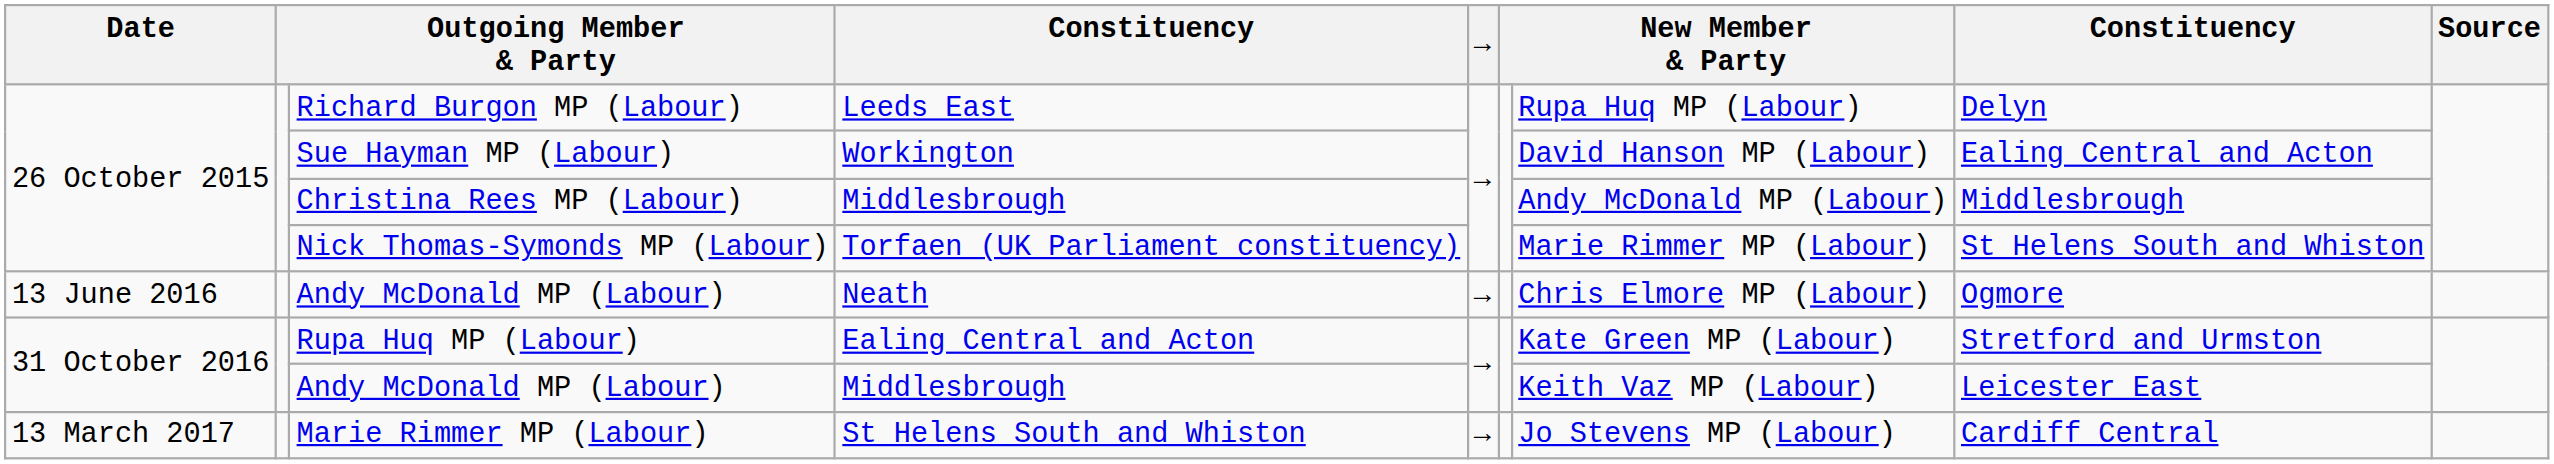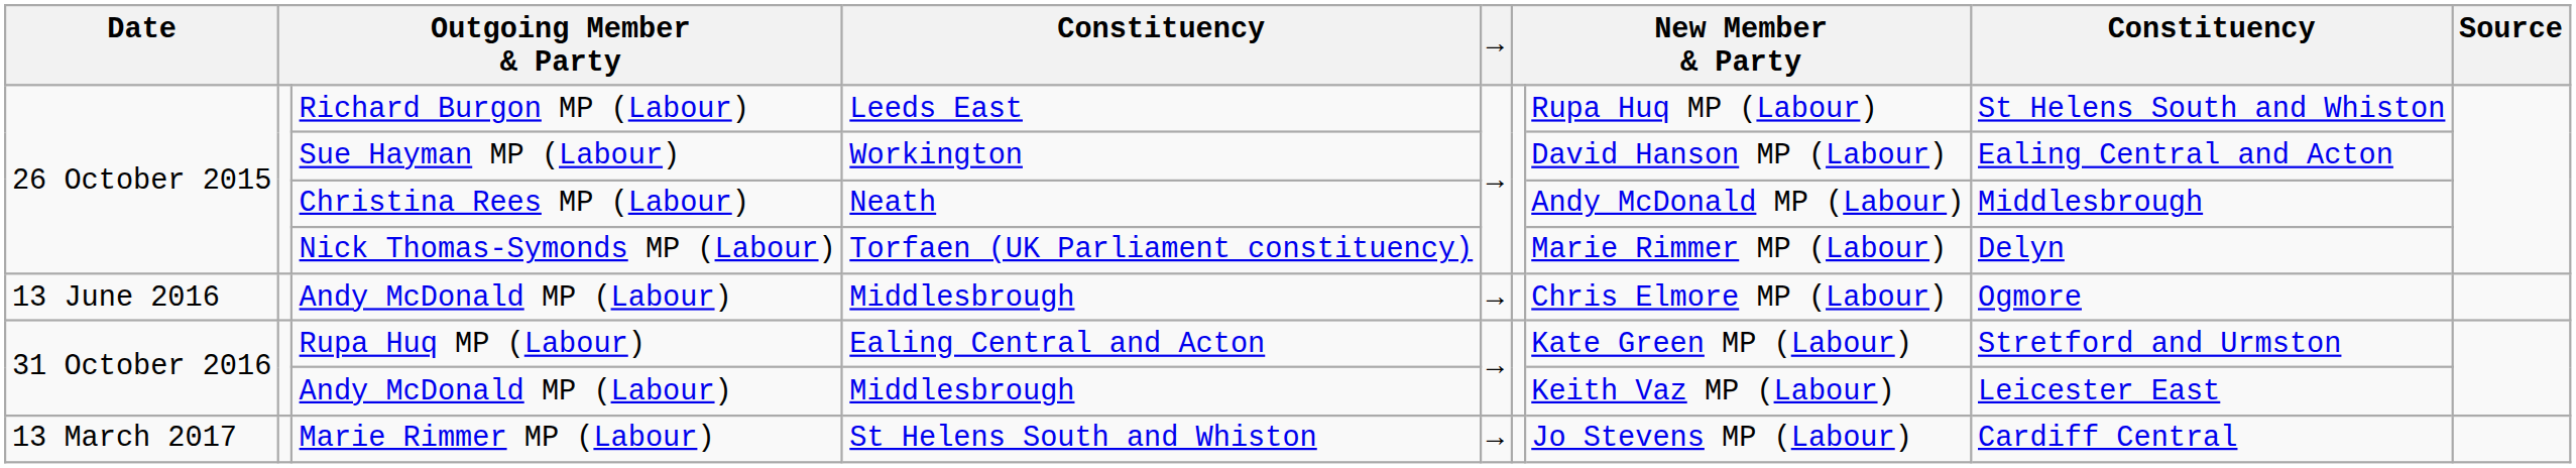 <table class="wikitable">
 <tr>
 <th valign="top">Date</th>
 <th colspan="2" valign="top">Outgoing Member<br>& Party</th>
 <th valign="top">Constituency</th>
 <th>→</th>
 <th colspan="2" valign="top">New Member<br>& Party</th>
 <th valign="top">Constituency</th>
 <th valign="top">Source</th>
 </tr>
 <tr>
 <td rowspan="4">26 October 2015</td>
 <td rowspan=4 style="color:inherit;background:"></td>
 <td><a href='#'>Richard Burgon</a> MP (<a href='#'>Labour</a>)</td>
 <td><a href='#'>Leeds East</a></td>
 <td rowspan=4>→</td>
 <td rowspan=4 style="color:inherit;background:"></td>
 <td><a href='#'>Rupa Huq</a> MP (<a href='#'>Labour</a>)</td>
-<td><a href='#'>Delyn</a></td>
+<td><a href='#'>St Helens South and Whiston</a></td>
 <td rowspan=4></td>
 </tr>
 <tr>
 <td><a href='#'>Sue Hayman</a> MP (<a href='#'>Labour</a>)</td>
 <td><a href='#'>Workington</a></td>
 <td><a href='#'>David Hanson</a> MP (<a href='#'>Labour</a>)</td>
 <td><a href='#'>Ealing Central and Acton</a></td>
 </tr>
 <tr>
 <td><a href='#'>Christina Rees</a> MP (<a href='#'>Labour</a>)</td>
-<td><a href='#'>Middlesbrough</a></td>
+<td><a href='#'>Neath</a></td>
 <td><a href='#'>Andy McDonald</a> MP (<a href='#'>Labour</a>)</td>
 <td><a href='#'>Middlesbrough</a></td>
 </tr>
 <tr>
 <td><a href='#'>Nick Thomas-Symonds</a> MP (<a href='#'>Labour</a>)</td>
 <td><a href='#'>Torfaen (UK Parliament constituency)</a></td>
 <td><a href='#'>Marie Rimmer</a> MP (<a href='#'>Labour</a>)</td>
-<td><a href='#'>St Helens South and Whiston</a></td>
+<td><a href='#'>Delyn</a></td>
 </tr>
 <tr>
 <td>13 June 2016</td>
 <td style="color:inherit;background:"></td>
 <td><a href='#'>Andy McDonald</a> MP (<a href='#'>Labour</a>)</td>
-<td><a href='#'>Neath</a></td>
+<td><a href='#'>Middlesbrough</a></td>
 <td>→</td>
 <td style="color:inherit;background:"></td>
 <td><a href='#'>Chris Elmore</a> MP (<a href='#'>Labour</a>)</td>
 <td><a href='#'>Ogmore</a></td>
 <td></td>
 </tr>
 <tr>
 <td rowspan="2">31 October 2016</td>
 <td rowspan="2" style="color:inherit;background:"></td>
 <td><a href='#'>Rupa Huq</a> MP (<a href='#'>Labour</a>)</td>
 <td><a href='#'>Ealing Central and Acton</a></td>
 <td rowspan="2">→</td>
 <td rowspan="2" style="color:inherit;background:"></td>
 <td><a href='#'>Kate Green</a> MP (<a href='#'>Labour</a>)</td>
 <td><a href='#'>Stretford and Urmston</a></td>
 <td rowspan=2></td>
 </tr>
 <tr>
 <td><a href='#'>Andy McDonald</a> MP (<a href='#'>Labour</a>)</td>
 <td><a href='#'>Middlesbrough</a></td>
 <td><a href='#'>Keith Vaz</a> MP (<a href='#'>Labour</a>)</td>
 <td><a href='#'>Leicester East</a></td>
 </tr>
 <tr>
 <td>13 March 2017</td>
 <td style="color:inherit;background:"></td>
 <td><a href='#'>Marie Rimmer</a> MP (<a href='#'>Labour</a>)</td>
 <td><a href='#'>St Helens South and Whiston</a></td>
 <td>→</td>
 <td style="color:inherit;background:"></td>
 <td><a href='#'>Jo Stevens</a> MP (<a href='#'>Labour</a>)</td>
 <td><a href='#'>Cardiff Central</a></td>
 <td></td>
 </tr>
 </table>
